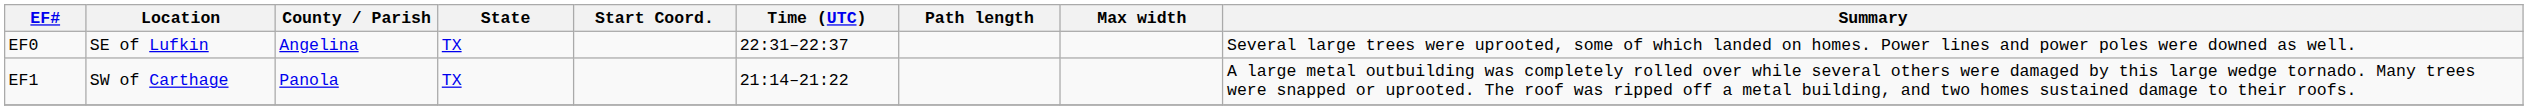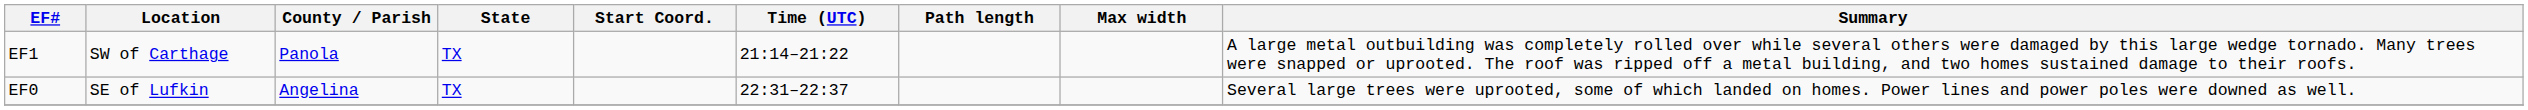 <table class="wikitable sortable" style="width:100%;">
 <tr>
 <th scope="col"  style="width:3%; text-align:center;"><a href='#'>EF#</a></th>
 <th scope="col"  style="width:7%; text-align:center;" class="unsortable">Location</th>
 <th scope="col"  style="width:6%; text-align:center;" class="unsortable">County / Parish</th>
 <th scope="col"  style="width:5%; text-align:center;">State</th>
 <th scope="col"  style="width:6%; text-align:center;">Start Coord.</th>
 <th scope="col"  style="width:6%; text-align:center;">Time (<a href='#'>UTC</a>)</th>
 <th scope="col"  style="width:6%; text-align:center;">Path length</th>
 <th scope="col"  style="width:6%; text-align:center;">Max width</th>
 <th scope="col" class="unsortable" style="width:48%; text-align:center;">Summary</th>
 </tr>
 <tr>
+<td>EF1</td>
+<td>SW of <a href='#'>Carthage</a></td>
+<td><a href='#'>Panola</a></td>
+<td><a href='#'>TX</a></td>
+<td></td>
+<td>21:14–21:22</td>
+<td></td>
+<td></td>
+<td>A large metal outbuilding was completely rolled over while several others were damaged by this large wedge tornado. Many trees were snapped or uprooted. The roof was ripped off a metal building, and two homes sustained damage to their roofs.</td>
+</tr>
+<tr>
 <td>EF0</td>
 <td>SE of <a href='#'>Lufkin</a></td>
 <td><a href='#'>Angelina</a></td>
 <td><a href='#'>TX</a></td>
 <td></td>
 <td>22:31–22:37</td>
 <td></td>
 <td></td>
 <td>Several large trees were uprooted, some of which landed on homes. Power lines and power poles were downed as well.</td>
 </tr>
 <tr>
-<td>EF1</td>
-<td>SW of <a href='#'>Carthage</a></td>
-<td><a href='#'>Panola</a></td>
-<td><a href='#'>TX</a></td>
-<td></td>
-<td>21:14–21:22</td>
-<td></td>
-<td></td>
-<td>A large metal outbuilding was completely rolled over while several others were damaged by this large wedge tornado. Many trees were snapped or uprooted. The roof was ripped off a metal building, and two homes sustained damage to their roofs.</td>
-</tr>
-<tr>
 </tr>
 </table>
